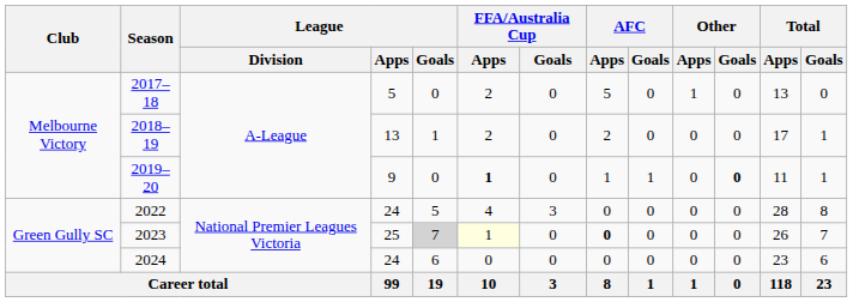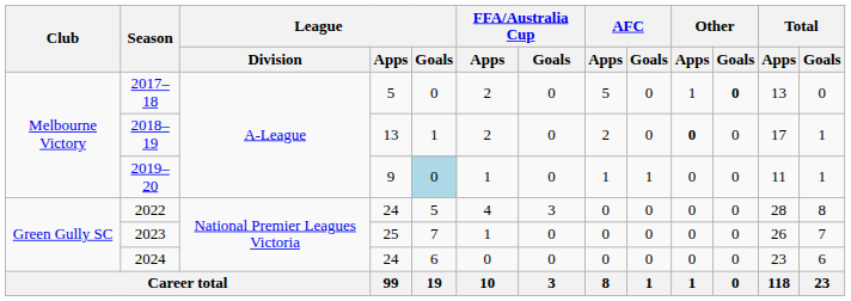 <table class=wikitable style="text-align:center">
 <tr>
 <th rowspan=2>Club</th>
 <th rowspan=2>Season</th>
 <th colspan=3>League</th>
 <th colspan=2><a href='#'>FFA/Australia Cup</a></th>
 <th colspan=2><a href='#'>AFC</a></th>
 <th colspan=2>Other</th>
 <th colspan=2>Total</th>
 </tr>
 <tr>
 <th>Division</th>
 <th>Apps</th>
 <th>Goals</th>
 <th>Apps</th>
 <th>Goals</th>
 <th>Apps</th>
 <th>Goals</th>
 <th>Apps</th>
 <th>Goals</th>
 <th>Apps</th>
 <th>Goals</th>
 </tr>
 <tr>
 <td rowspan=3><a href='#'>Melbourne Victory</a></td>
 <td><a href='#'>2017–18</a></td>
 <td rowspan=3><a href='#'>A-League</a></td>
 <td>5</td>
 <td>0</td>
 <td>2</td>
 <td>0</td>
 <td>5</td>
 <td>0</td>
 <td>1</td>
-<td>0</td>
+<td><strong>0</strong></td>
 <td>13</td>
 <td>0</td>
 </tr>
 <tr>
 <td><a href='#'>2018–19</a></td>
 <td>13</td>
 <td>1</td>
 <td>2</td>
 <td>0</td>
 <td>2</td>
 <td>0</td>
-<td>0</td>
+<td><strong>0</strong></td>
 <td>0</td>
 <td>17</td>
 <td>1</td>
 </tr>
 <tr>
 <td><a href='#'>2019–20</a></td>
 <td>9</td>
-<td>0</td>
-<td><strong>1</strong></td>
+<td style="background: lightblue;">0</td>
+<td>1</td>
 <td>0</td>
 <td>1</td>
 <td>1</td>
 <td>0</td>
-<td><strong>0</strong></td>
+<td>0</td>
 <td>11</td>
 <td>1</td>
 </tr>
 <tr>
 <td rowspan=3><a href='#'>Green Gully SC</a></td>
 <td>2022</td>
 <td rowspan=3><a href='#'>National Premier Leagues Victoria</a></td>
 <td>24</td>
 <td>5</td>
 <td>4</td>
 <td>3</td>
 <td>0</td>
 <td>0</td>
 <td>0</td>
 <td>0</td>
 <td>28</td>
 <td>8</td>
 </tr>
 <tr>
 <td>2023</td>
 <td>25</td>
-<td style="background: lightgrey;">7</td>
-<td style="background: lightyellow;">1</td>
+<td>7</td>
+<td>1</td>
 <td>0</td>
-<td><strong>0</strong></td>
+<td>0</td>
 <td>0</td>
 <td>0</td>
 <td>0</td>
 <td>26</td>
 <td>7</td>
 </tr>
 <tr>
 <td>2024</td>
 <td>24</td>
 <td>6</td>
 <td>0</td>
 <td>0</td>
 <td>0</td>
 <td>0</td>
 <td>0</td>
 <td>0</td>
 <td>23</td>
 <td>6</td>
 </tr>
 <tr>
 <th colspan=3>Career total</th>
 <th>99</th>
 <th>19</th>
 <th>10</th>
 <th>3</th>
 <th>8</th>
 <th>1</th>
 <th>1</th>
 <th>0</th>
 <th>118</th>
 <th>23</th>
 </tr>
 </table>
